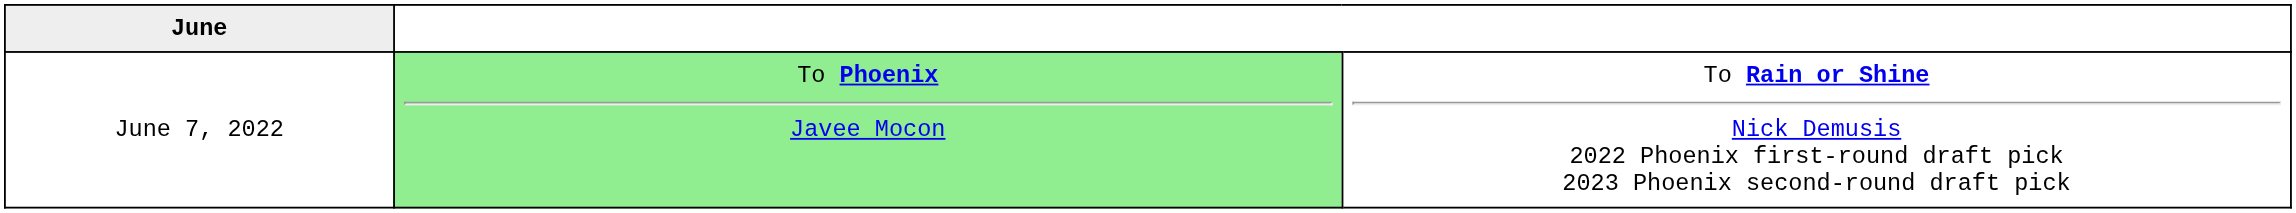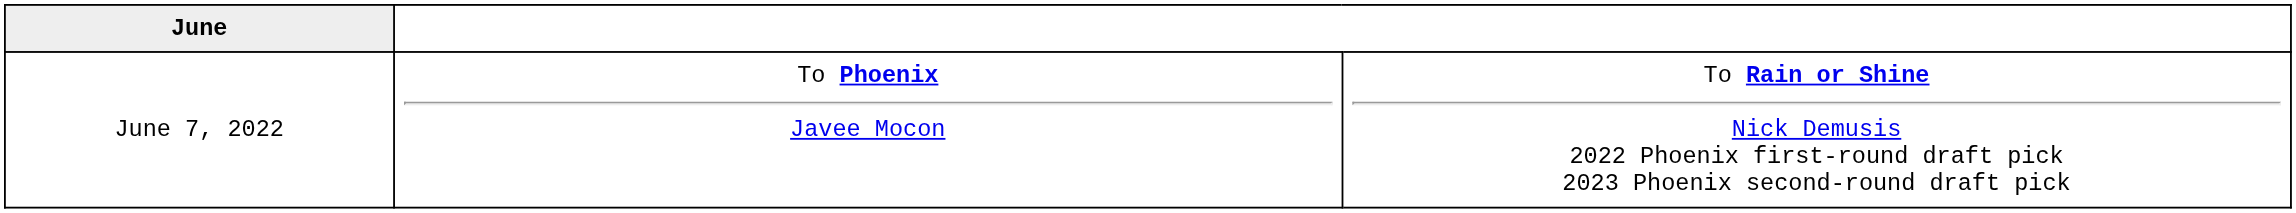 <table border=1 style="border-collapse:collapse; text-align: center; width: 100%" bordercolor="#000000"  cellpadding="5">
 <tr bgcolor="eeeeee">
 <th>June</th>
 </tr>
 <tr>
 <td style="width:12%">June 7, 2022</td>
-<td style="background: lightgreen; width:29.3%" valign="top">To <strong><a href='#'>Phoenix</a></strong><hr><a href='#'>Javee Mocon</a></td>
+<td style="width:29.3%" valign="top">To <strong><a href='#'>Phoenix</a></strong><hr><a href='#'>Javee Mocon</a></td>
 <td style="width:29.3%" valign="top">To <strong><a href='#'>Rain or Shine</a></strong><hr><a href='#'>Nick Demusis</a><br>2022 Phoenix first-round draft pick<br>2023 Phoenix second-round draft pick</td>
 </tr>
 </table>
